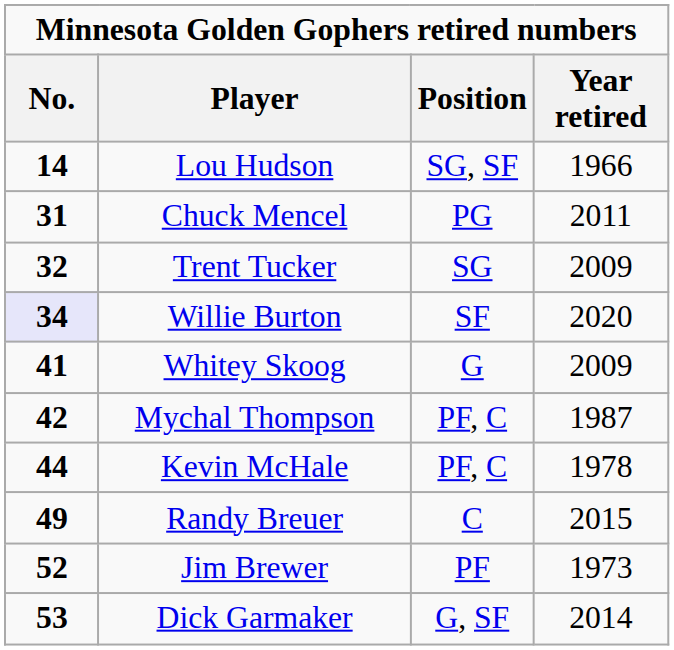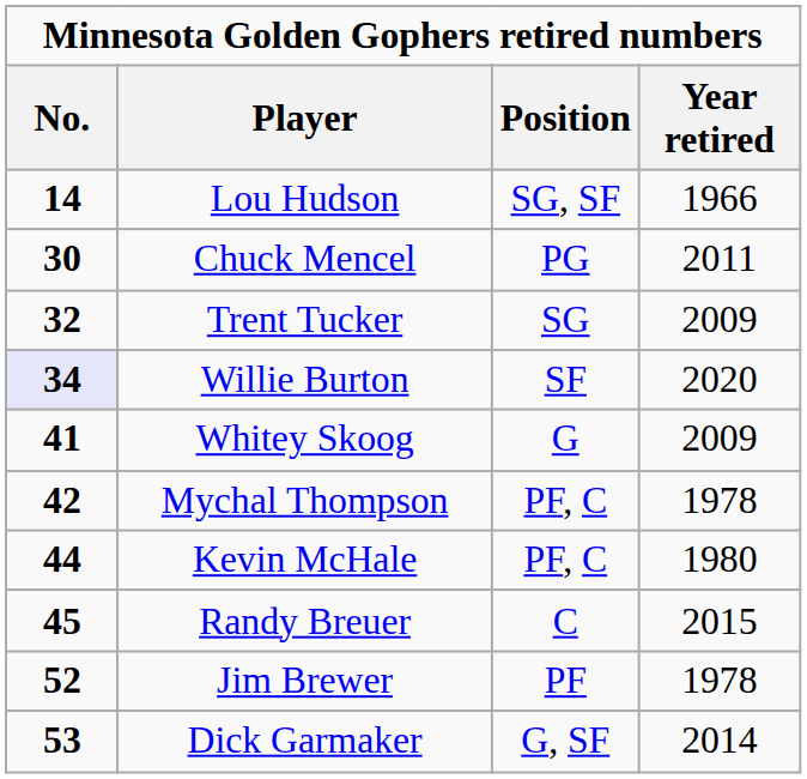 <table class="wikitable" style="text-align:center">
 <tr>
 <td colspan="5"><strong>Minnesota Golden Gophers retired numbers</strong></td>
 </tr>
 <tr>
 <th style="width:40px; ">No.</th>
 <th style="width:150px; ">Player</th>
 <th style="width:40px; ">Position</th>
 <th style="width:60px; ">Year retired</th>
 </tr>
 <tr>
 <td><strong>14</strong></td>
 <td><a href='#'>Lou Hudson</a></td>
 <td><a href='#'>SG</a>, <a href='#'>SF</a></td>
 <td>1966</td>
 </tr>
 <tr>
-<td><strong>31</strong></td>
+<td><strong>30</strong></td>
 <td><a href='#'>Chuck Mencel</a></td>
 <td><a href='#'>PG</a></td>
 <td>2011</td>
 </tr>
 <tr>
 <td><strong>32</strong></td>
 <td><a href='#'>Trent Tucker</a></td>
 <td><a href='#'>SG</a></td>
 <td>2009</td>
 </tr>
 <tr>
 <td style="background: lavender;"><strong>34</strong></td>
 <td><a href='#'>Willie Burton</a></td>
 <td><a href='#'>SF</a></td>
 <td>2020</td>
 </tr>
 <tr>
 <td><strong>41</strong></td>
 <td><a href='#'>Whitey Skoog</a></td>
 <td><a href='#'>G</a></td>
 <td>2009</td>
 </tr>
 <tr>
 <td><strong>42</strong></td>
 <td><a href='#'>Mychal Thompson</a></td>
 <td><a href='#'>PF</a>, <a href='#'>C</a></td>
-<td>1987</td>
+<td>1978</td>
 </tr>
 <tr>
 <td><strong>44</strong></td>
 <td><a href='#'>Kevin McHale</a></td>
 <td><a href='#'>PF</a>, <a href='#'>C</a></td>
-<td>1978</td>
+<td>1980</td>
 </tr>
 <tr>
-<td><strong>49</strong></td>
+<td><strong>45</strong></td>
 <td><a href='#'>Randy Breuer</a></td>
 <td><a href='#'>C</a></td>
 <td>2015</td>
 </tr>
 <tr>
 <td><strong>52</strong></td>
 <td><a href='#'>Jim Brewer</a></td>
 <td><a href='#'>PF</a></td>
-<td>1973</td>
+<td>1978</td>
 </tr>
 <tr>
 <td><strong>53</strong></td>
 <td><a href='#'>Dick Garmaker</a></td>
 <td><a href='#'>G</a>, <a href='#'>SF</a></td>
 <td>2014</td>
 </tr>
 </table>
